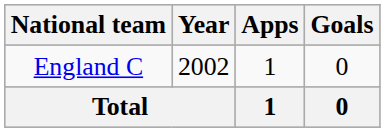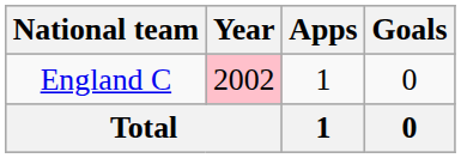 <table class="wikitable" style="text-align: center">
 <tr>
 <th>National team</th>
 <th>Year</th>
 <th>Apps</th>
 <th>Goals</th>
 </tr>
 <tr>
 <td><a href='#'>England C</a></td>
-<td>2002</td>
+<td style="background: pink;">2002</td>
 <td>1</td>
 <td>0</td>
 </tr>
 <tr>
 <th colspan="2">Total</th>
 <th>1</th>
 <th>0</th>
 </tr>
 </table>
